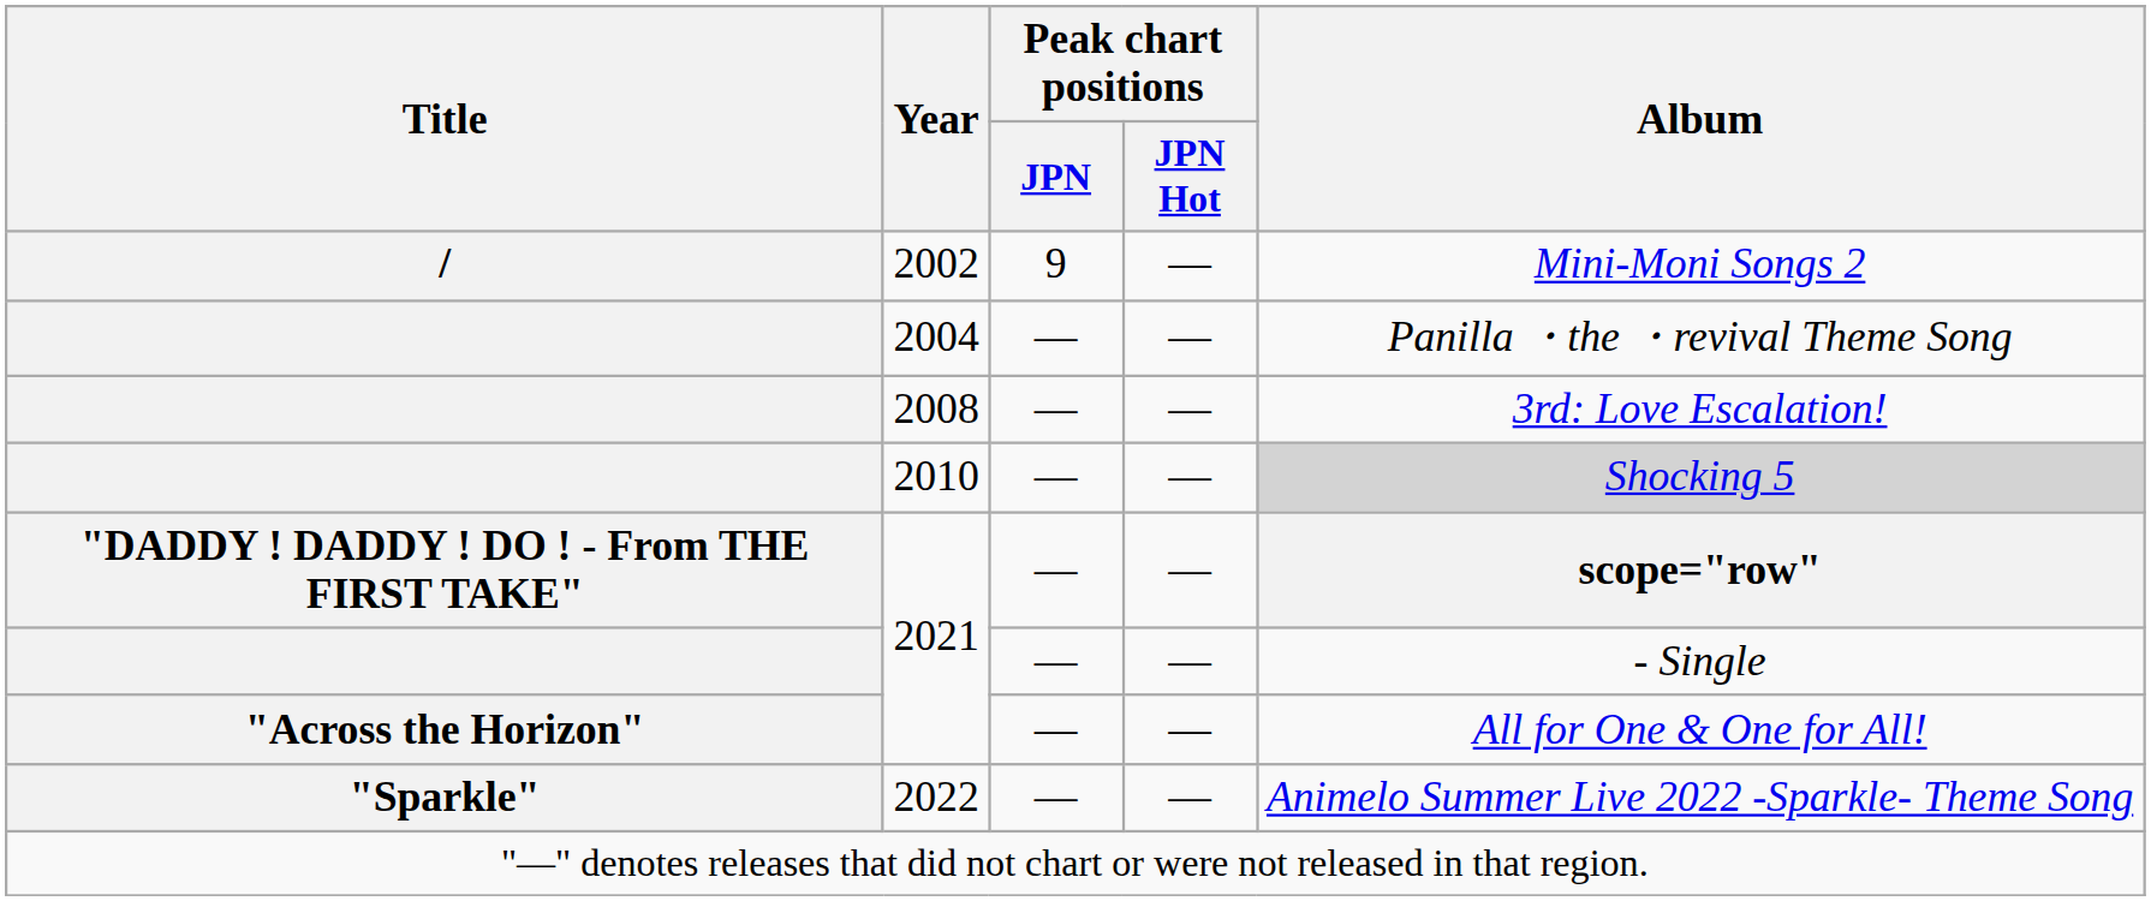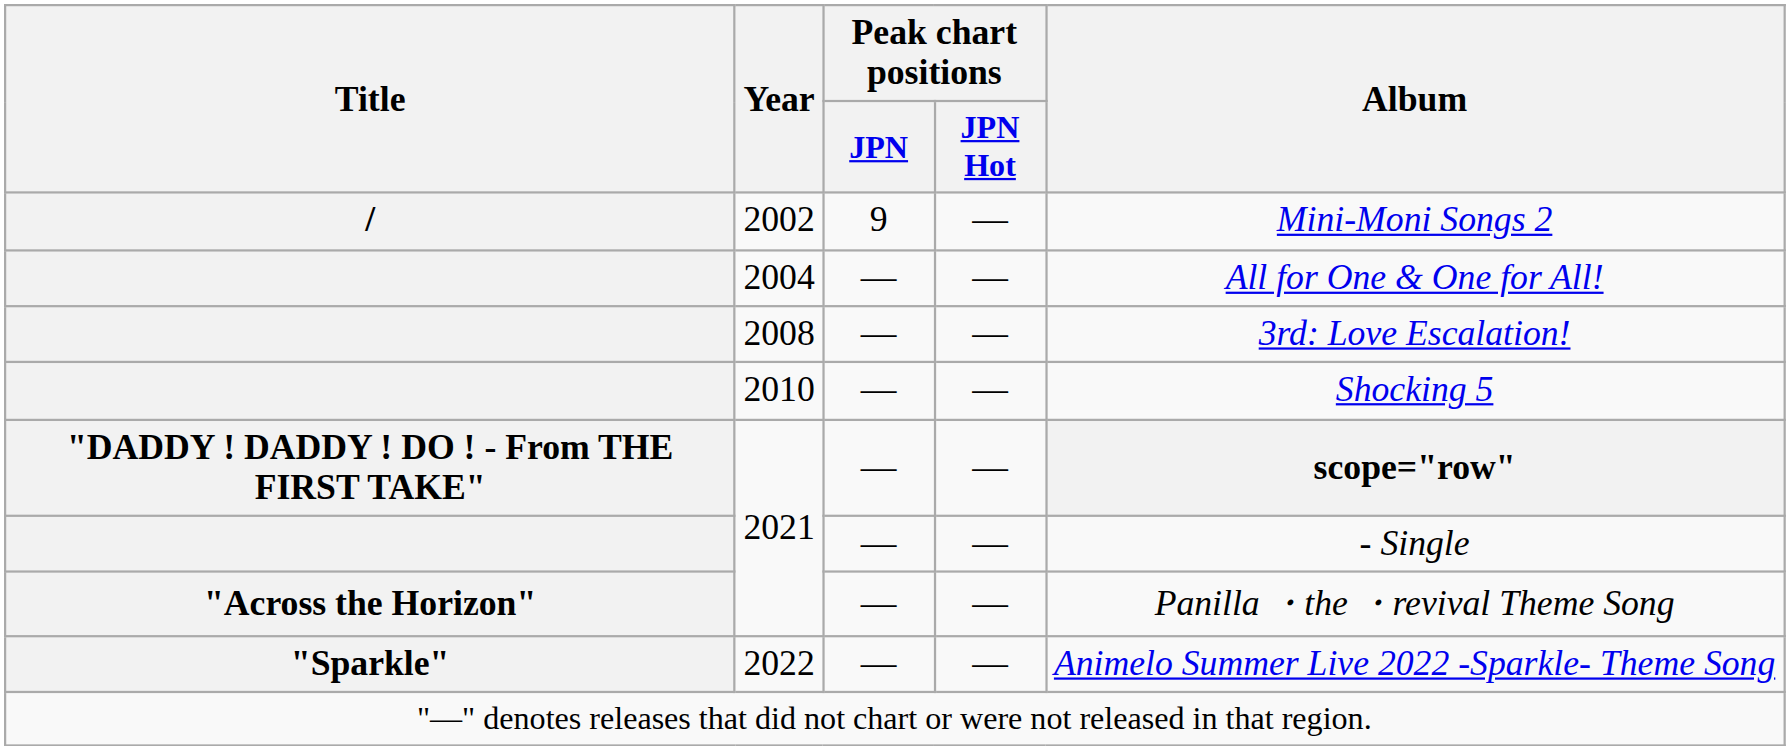 <table class="wikitable plainrowheaders" style="text-align:center;">
 <tr>
 <th scope="col" rowspan="2" style="width:20em;">Title</th>
 <th scope="col" rowspan="2">Year</th>
 <th scope="col" colspan="2">Peak chart positions</th>
 <th scope="col" rowspan="2">Album</th>
 </tr>
 <tr>
 <th scope="col" style="width:3em;font-size:90%;"><a href='#'>JPN</a></th>
 <th scope="col" style="width:3em;font-size:90%;"><a href='#'>JPN<br>Hot</a></th>
 </tr>
 <tr>
 <th scope="row"> /  <br></th>
 <td>2002</td>
 <td>9</td>
 <td>—</td>
 <td><em><a href='#'>Mini-Moni Songs 2</a></em></td>
 </tr>
 <tr>
 <th scope="row"><br></th>
 <td>2004</td>
 <td>—</td>
 <td>—</td>
-<td><em>Panilla ・the ・revival Theme Song</em></td>
+<td><em><a href='#'>All for One & One for All!</a></em></td>
 </tr>
 <tr>
 <th scope="row"><br></th>
 <td>2008</td>
 <td>—</td>
 <td>—</td>
 <td><em><a href='#'>3rd: Love Escalation!</a></em></td>
 </tr>
 <tr>
 <th scope="row"> <br></th>
 <td>2010</td>
 <td>—</td>
 <td>—</td>
-<td style="background: lightgrey;"><em><a href='#'>Shocking 5</a></em></td>
+<td><em><a href='#'>Shocking 5</a></em></td>
 </tr>
 <tr>
 <th scope="row">"DADDY ! DADDY ! DO ! - From THE FIRST TAKE"<br></th>
 <td rowspan="3">2021</td>
 <td>—</td>
 <td>—</td>
 <th>scope="row" </th>
 </tr>
 <tr>
 <th scope="row"><br></th>
 <td>—</td>
 <td>—</td>
 <td><em> - Single</em></td>
 </tr>
 <tr>
 <th scope="row">"Across the Horizon"<br></th>
 <td>—</td>
 <td>—</td>
-<td><em><a href='#'>All for One & One for All!</a></em></td>
+<td><em>Panilla ・the ・revival Theme Song</em></td>
 </tr>
 <tr>
 <th scope="row">"Sparkle"<br></th>
 <td>2022</td>
 <td>—</td>
 <td>—</td>
 <td><em><a href='#'> Animelo Summer Live 2022 -Sparkle- Theme Song</a></em></td>
 </tr>
 <tr>
 <td colspan="6" style="font-size:90%;">"—" denotes releases that did not chart or were not released in that region.</td>
 </tr>
 </table>
